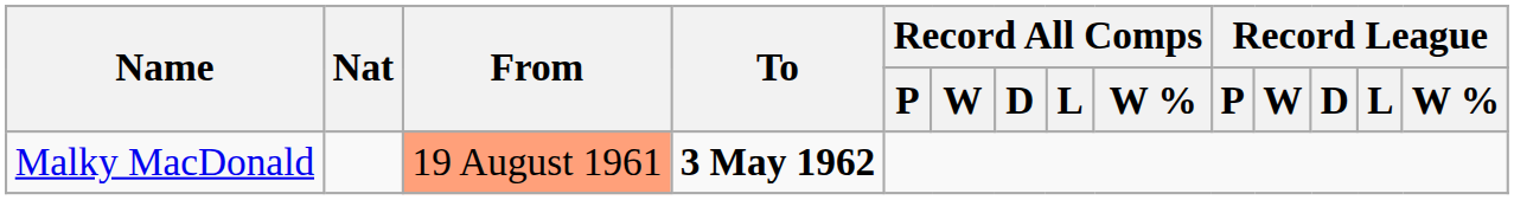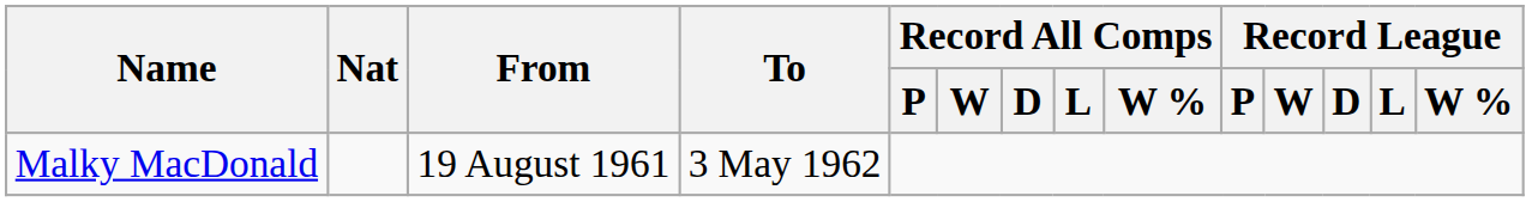 <table style="text-align: center" class="wikitable">
 <tr>
 <th rowspan="2">Name</th>
 <th rowspan="2">Nat</th>
 <th rowspan="2">From</th>
 <th rowspan="2">To</th>
 <th colspan="5">Record All Comps</th>
 <th colspan="5">Record League</th>
 </tr>
 <tr>
 <th>P</th>
 <th>W</th>
 <th>D</th>
 <th>L</th>
 <th>W %</th>
 <th>P</th>
 <th>W</th>
 <th>D</th>
 <th>L</th>
 <th>W %</th>
 </tr>
 <tr>
 <td style="text-align:left;"><a href='#'>Malky MacDonald</a></td>
 <td></td>
-<td style="background: lightsalmon; text-align:left;">19 August 1961</td>
-<td style="text-align:left;"><strong>3 May 1962<br> </strong></td>
+<td style="text-align:left;">19 August 1961</td>
+<td style="text-align:left;">3 May 1962<br> </td>
 </tr>
 </table>
